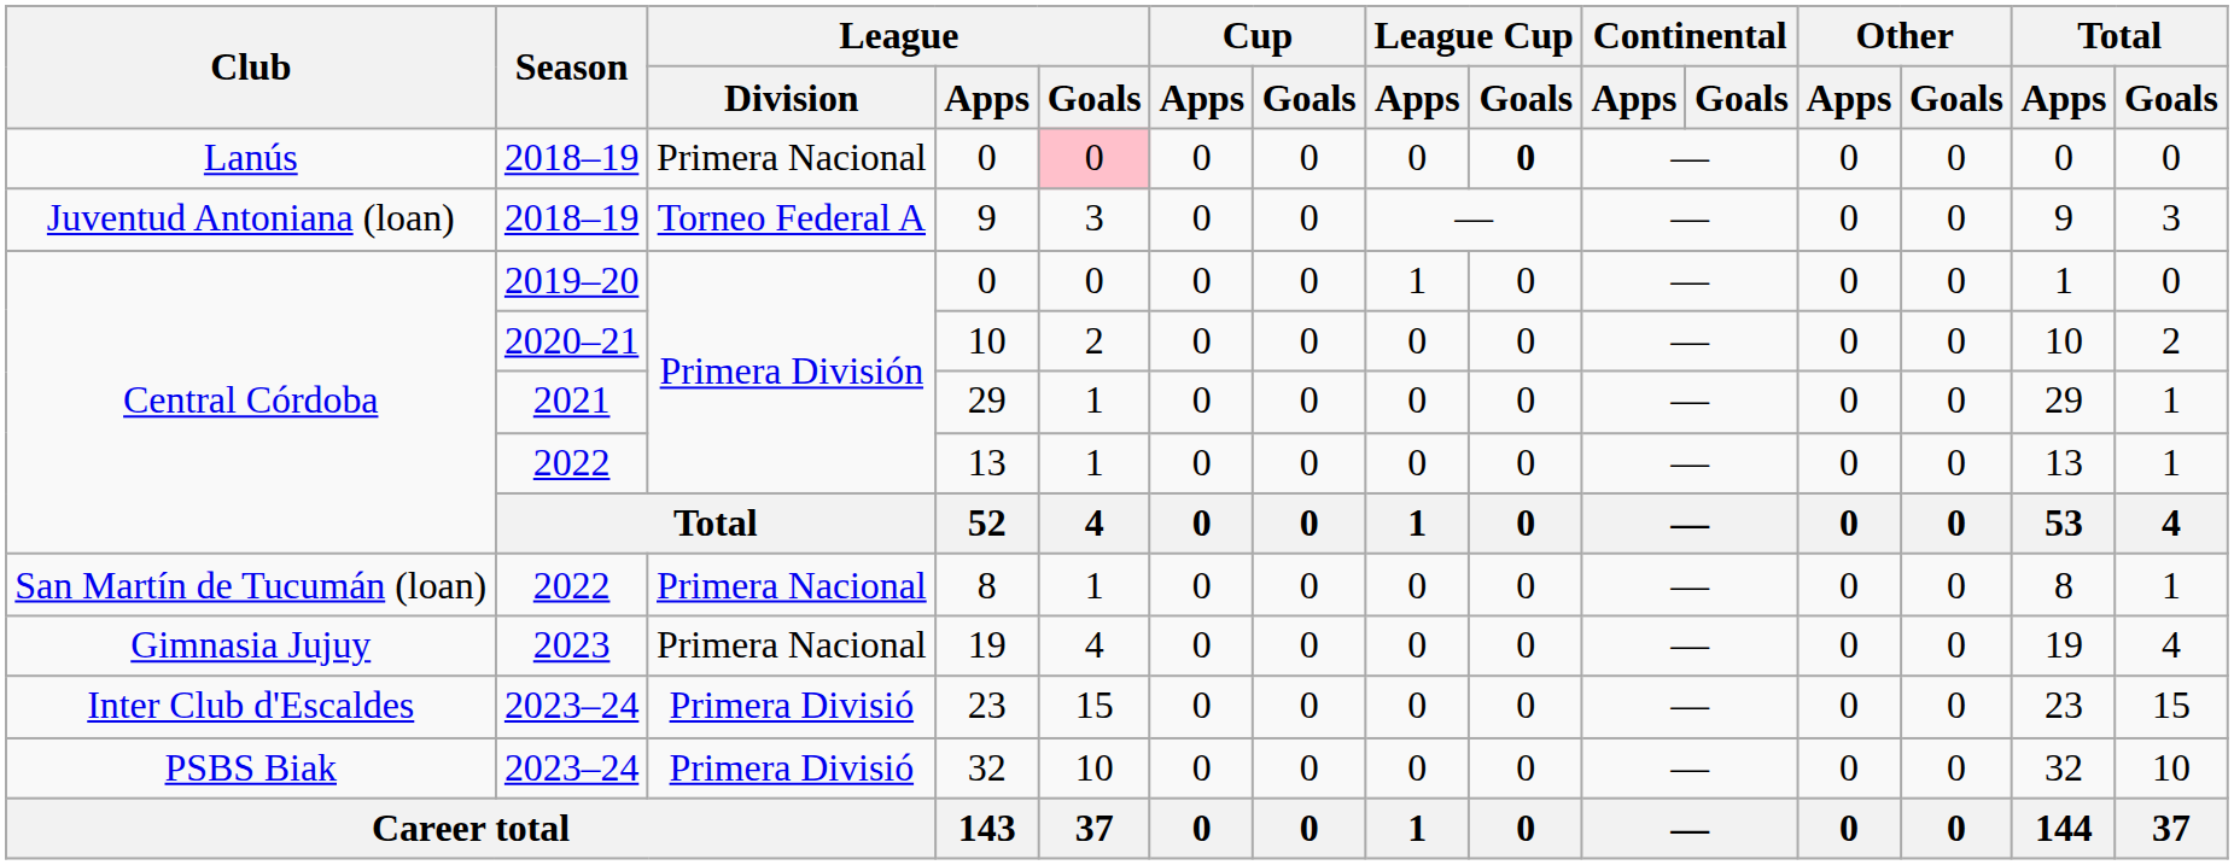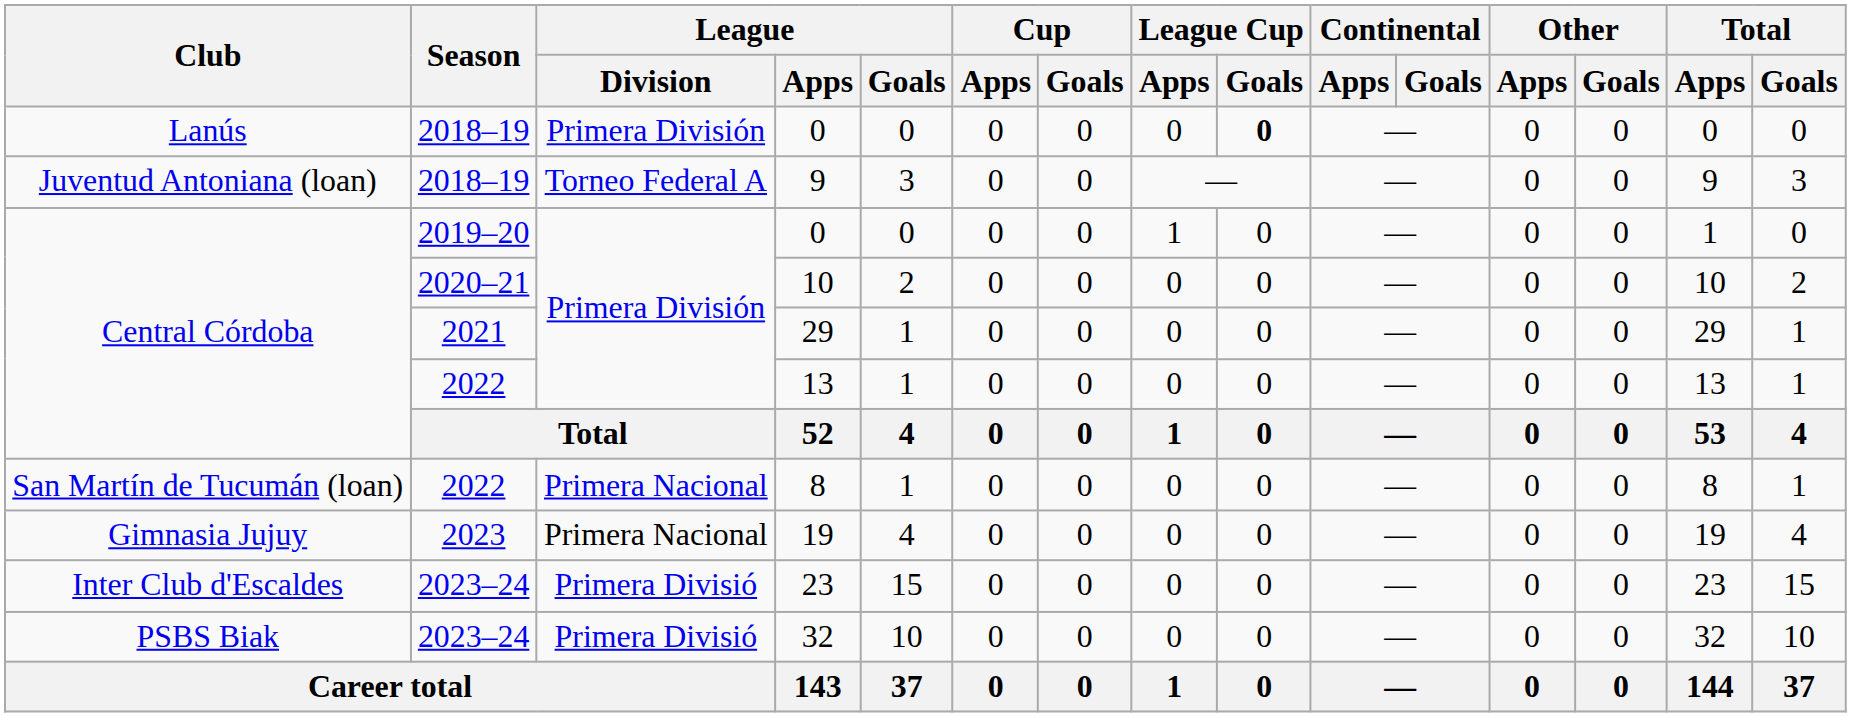 <table class="wikitable" style="text-align:center">
 <tr>
 <th rowspan="2">Club</th>
 <th rowspan="2">Season</th>
 <th colspan="3">League</th>
 <th colspan="2">Cup</th>
 <th colspan="2">League Cup</th>
 <th colspan="2">Continental</th>
 <th colspan="2">Other</th>
 <th colspan="2">Total</th>
 </tr>
 <tr>
 <th>Division</th>
 <th>Apps</th>
 <th>Goals</th>
 <th>Apps</th>
 <th>Goals</th>
 <th>Apps</th>
 <th>Goals</th>
 <th>Apps</th>
 <th>Goals</th>
 <th>Apps</th>
 <th>Goals</th>
 <th>Apps</th>
 <th>Goals</th>
 </tr>
 <tr>
 <td rowspan="1"><a href='#'>Lanús</a></td>
 <td><a href='#'>2018–19</a></td>
-<td rowspan="1">Primera Nacional</td>
+<td rowspan="1"><a href='#'>Primera División</a></td>
 <td>0</td>
-<td style="background: pink;">0</td>
+<td>0</td>
 <td>0</td>
 <td>0</td>
 <td>0</td>
 <td><strong>0</strong></td>
 <td colspan="2">—</td>
 <td>0</td>
 <td>0</td>
 <td>0</td>
 <td>0</td>
 </tr>
 <tr>
 <td rowspan="1"><a href='#'>Juventud Antoniana</a> (loan)</td>
 <td><a href='#'>2018–19</a></td>
 <td rowspan="1"><a href='#'>Torneo Federal A</a></td>
 <td>9</td>
 <td>3</td>
 <td>0</td>
 <td>0</td>
 <td colspan="2">—</td>
 <td colspan="2">—</td>
 <td>0</td>
 <td>0</td>
 <td>9</td>
 <td>3</td>
 </tr>
 <tr>
 <td rowspan="5"><a href='#'>Central Córdoba</a></td>
 <td><a href='#'>2019–20</a></td>
 <td rowspan="4"><a href='#'>Primera División</a></td>
 <td>0</td>
 <td>0</td>
 <td>0</td>
 <td>0</td>
 <td>1</td>
 <td>0</td>
 <td colspan="2">—</td>
 <td>0</td>
 <td>0</td>
 <td>1</td>
 <td>0</td>
 </tr>
 <tr>
 <td><a href='#'>2020–21</a></td>
 <td>10</td>
 <td>2</td>
 <td>0</td>
 <td>0</td>
 <td>0</td>
 <td>0</td>
 <td colspan="2">—</td>
 <td>0</td>
 <td>0</td>
 <td>10</td>
 <td>2</td>
 </tr>
 <tr>
 <td><a href='#'>2021</a></td>
 <td>29</td>
 <td>1</td>
 <td>0</td>
 <td>0</td>
 <td>0</td>
 <td>0</td>
 <td colspan="2">—</td>
 <td>0</td>
 <td>0</td>
 <td>29</td>
 <td>1</td>
 </tr>
 <tr>
 <td><a href='#'>2022</a></td>
 <td>13</td>
 <td>1</td>
 <td>0</td>
 <td>0</td>
 <td>0</td>
 <td>0</td>
 <td colspan="2">—</td>
 <td>0</td>
 <td>0</td>
 <td>13</td>
 <td>1</td>
 </tr>
 <tr>
 <th colspan="2">Total</th>
 <th>52</th>
 <th>4</th>
 <th>0</th>
 <th>0</th>
 <th>1</th>
 <th>0</th>
 <th colspan="2">—</th>
 <th>0</th>
 <th>0</th>
 <th>53</th>
 <th>4</th>
 </tr>
 <tr>
 <td rowspan="1"><a href='#'>San Martín de Tucumán</a> (loan)</td>
 <td><a href='#'>2022</a></td>
 <td rowspan="1"><a href='#'>Primera Nacional</a></td>
 <td>8</td>
 <td>1</td>
 <td>0</td>
 <td>0</td>
 <td>0</td>
 <td>0</td>
 <td colspan="2">—</td>
 <td>0</td>
 <td>0</td>
 <td>8</td>
 <td>1</td>
 </tr>
 <tr>
 <td rowspan="1"><a href='#'>Gimnasia Jujuy</a></td>
 <td><a href='#'>2023</a></td>
 <td rowspan="1">Primera Nacional</td>
 <td>19</td>
 <td>4</td>
 <td>0</td>
 <td>0</td>
 <td>0</td>
 <td>0</td>
 <td colspan="2">—</td>
 <td>0</td>
 <td>0</td>
 <td>19</td>
 <td>4</td>
 </tr>
 <tr>
 <td rowspan="1"><a href='#'>Inter Club d'Escaldes</a></td>
 <td><a href='#'>2023–24</a></td>
 <td rowspan="1"><a href='#'>Primera Divisió</a></td>
 <td>23</td>
 <td>15</td>
 <td>0</td>
 <td>0</td>
 <td>0</td>
 <td>0</td>
 <td colspan="2">—</td>
 <td>0</td>
 <td>0</td>
 <td>23</td>
 <td>15</td>
 </tr>
 <tr>
 <td rowspan="1"><a href='#'>PSBS Biak</a></td>
 <td><a href='#'>2023–24</a></td>
 <td rowspan="1"><a href='#'>Primera Divisió</a></td>
 <td>32</td>
 <td>10</td>
 <td>0</td>
 <td>0</td>
 <td>0</td>
 <td>0</td>
 <td colspan="2">—</td>
 <td>0</td>
 <td>0</td>
 <td>32</td>
 <td>10</td>
 </tr>
 <tr>
 <th colspan="3">Career total</th>
 <th>143</th>
 <th>37</th>
 <th>0</th>
 <th>0</th>
 <th>1</th>
 <th>0</th>
 <th colspan="2">—</th>
 <th>0</th>
 <th>0</th>
 <th>144</th>
 <th>37</th>
 </tr>
 </table>
